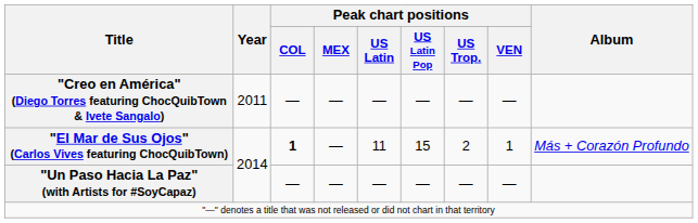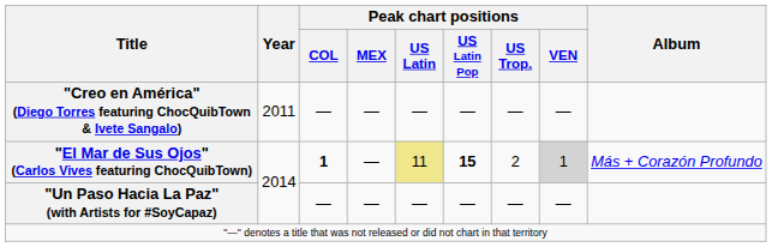 <table class="wikitable plainrowheaders" style="text-align:center;">
 <tr>
 <th scope="col" rowspan="2" style="width:16em;">Title</th>
 <th scope="col" rowspan="2">Year</th>
 <th scope="col" colspan="6">Peak chart positions</th>
 <th scope="col" rowspan="2">Album</th>
 </tr>
 <tr>
 <th scope="col" style="width:3em;font-size:90%;"><a href='#'>COL</a><br></th>
 <th scope="col" style="width:3em;font-size:90%;"><a href='#'>MEX</a><br></th>
 <th scope="col" style="width:3em;font-size:90%;"><a href='#'>US <br>Latin</a><br></th>
 <th scope="col" style="width:3em;font-size:90%;"><a href='#'>US <br> <small>Latin<br>Pop</small></a><br></th>
 <th scope="col" style="width:3em;font-size:90%;"><a href='#'>US <br>Trop.</a><br></th>
 <th scope="col" style="width:3em;font-size:90%;"><a href='#'>VEN</a><br></th>
 </tr>
 <tr>
 <th scope="row">"Creo en América" <br> <small>(<a href='#'>Diego Torres</a> featuring ChocQuibTown & <a href='#'>Ivete Sangalo</a>)</small></th>
 <td>2011</td>
 <td align="center">—</td>
 <td align="center">—</td>
 <td align="center">—</td>
 <td align="center">—</td>
 <td align="center">—</td>
 <td align="center">—</td>
 <td></td>
 </tr>
 <tr>
 <th scope="row">"<a href='#'>El Mar de Sus Ojos</a>" <br> <small>(<a href='#'>Carlos Vives</a> featuring ChocQuibTown)</small></th>
 <td align="center" rowspan="2">2014</td>
 <td align="center"><strong>1</strong></td>
 <td align="center">—</td>
-<td align="center">11</td>
-<td align="center">15</td>
+<td align="center" style="background: khaki;">11</td>
+<td align="center"><strong>15</strong></td>
 <td align="center">2</td>
-<td align="center">1</td>
+<td align="center" style="background: lightgrey;">1</td>
 <td><em><a href='#'>Más + Corazón Profundo</a></em></td>
 </tr>
 <tr>
 <th scope="row">"Un Paso Hacia La Paz" <br> <small>(with Artists for #SoyCapaz)</small></th>
 <td align="center">—</td>
 <td align="center">—</td>
 <td align="center">—</td>
 <td align="center">—</td>
 <td align="center">—</td>
 <td align="center">—</td>
 <td></td>
 </tr>
 <tr>
 <td colspan="14" style="text-align:center; font-size:8pt;">"—" denotes a title that was not released or did not chart in that territory</td>
 </tr>
 </table>
